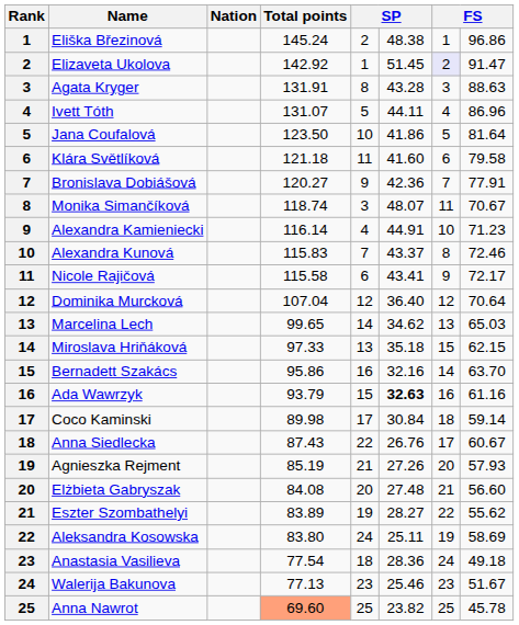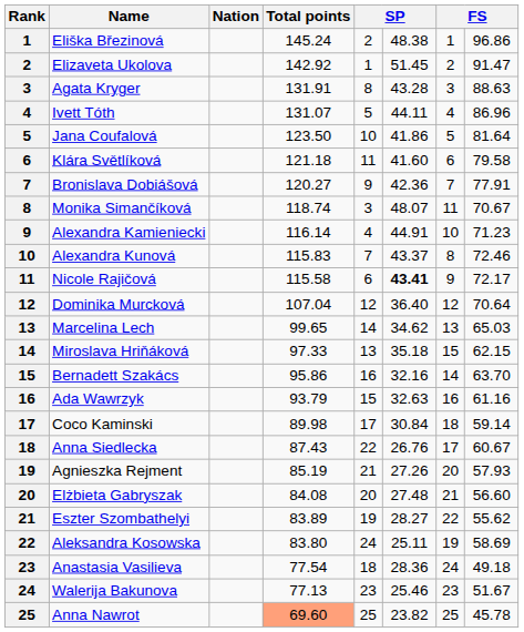 <table class="wikitable sortable">
 <tr>
 <th>Rank</th>
 <th>Name</th>
 <th>Nation</th>
 <th>Total points</th>
 <th colspan=2 width=80px><a href='#'>SP</a></th>
 <th colspan=2 width=80px><a href='#'>FS</a></th>
 </tr>
 <tr>
 <th>1</th>
 <td><a href='#'>Eliška Březinová</a></td>
 <td></td>
 <td align=center>145.24</td>
 <td align=center>2</td>
 <td align=center>48.38</td>
 <td align=center>1</td>
 <td align=center>96.86</td>
 </tr>
 <tr>
 <th>2</th>
 <td><a href='#'>Elizaveta Ukolova</a></td>
 <td></td>
 <td align=center>142.92</td>
 <td align=center>1</td>
 <td align=center>51.45</td>
-<td align=center style="background: lavender;">2</td>
+<td align=center>2</td>
 <td align=center>91.47</td>
 </tr>
 <tr>
 <th>3</th>
 <td><a href='#'>Agata Kryger</a></td>
 <td></td>
 <td align=center>131.91</td>
 <td align=center>8</td>
 <td align=center>43.28</td>
 <td align=center>3</td>
 <td align=center>88.63</td>
 </tr>
 <tr>
 <th>4</th>
 <td><a href='#'>Ivett Tóth</a></td>
 <td></td>
 <td align=center>131.07</td>
 <td align=center>5</td>
 <td align=center>44.11</td>
 <td align=center>4</td>
 <td align=center>86.96</td>
 </tr>
 <tr>
 <th>5</th>
 <td><a href='#'>Jana Coufalová</a></td>
 <td></td>
 <td align=center>123.50</td>
 <td align=center>10</td>
 <td align=center>41.86</td>
 <td align=center>5</td>
 <td align=center>81.64</td>
 </tr>
 <tr>
 <th>6</th>
 <td><a href='#'>Klára Světlíková</a></td>
 <td></td>
 <td align=center>121.18</td>
 <td align=center>11</td>
 <td align=center>41.60</td>
 <td align=center>6</td>
 <td align=center>79.58</td>
 </tr>
 <tr>
 <th>7</th>
 <td><a href='#'>Bronislava Dobiášová</a></td>
 <td></td>
 <td align=center>120.27</td>
 <td align=center>9</td>
 <td align=center>42.36</td>
 <td align=center>7</td>
 <td align=center>77.91</td>
 </tr>
 <tr>
 <th>8</th>
 <td><a href='#'>Monika Simančíková</a></td>
 <td></td>
 <td align=center>118.74</td>
 <td align=center>3</td>
 <td align=center>48.07</td>
 <td align=center>11</td>
 <td align=center>70.67</td>
 </tr>
 <tr>
 <th>9</th>
 <td><a href='#'>Alexandra Kamieniecki</a></td>
 <td></td>
 <td align=center>116.14</td>
 <td align=center>4</td>
 <td align=center>44.91</td>
 <td align=center>10</td>
 <td align=center>71.23</td>
 </tr>
 <tr>
 <th>10</th>
 <td><a href='#'>Alexandra Kunová</a></td>
 <td></td>
 <td align=center>115.83</td>
 <td align=center>7</td>
 <td align=center>43.37</td>
 <td align=center>8</td>
 <td align=center>72.46</td>
 </tr>
 <tr>
 <th>11</th>
 <td><a href='#'>Nicole Rajičová</a></td>
 <td></td>
 <td align=center>115.58</td>
 <td align=center>6</td>
-<td align=center>43.41</td>
+<td align=center><strong>43.41</strong></td>
 <td align=center>9</td>
 <td align=center>72.17</td>
 </tr>
 <tr>
 <th>12</th>
 <td><a href='#'>Dominika Murcková</a></td>
 <td></td>
 <td align=center>107.04</td>
 <td align=center>12</td>
 <td align=center>36.40</td>
 <td align=center>12</td>
 <td align=center>70.64</td>
 </tr>
 <tr>
 <th>13</th>
 <td><a href='#'>Marcelina Lech</a></td>
 <td></td>
 <td align=center>99.65</td>
 <td align=center>14</td>
 <td align=center>34.62</td>
 <td align=center>13</td>
 <td align=center>65.03</td>
 </tr>
 <tr>
 <th>14</th>
 <td><a href='#'>Miroslava Hriňáková</a></td>
 <td></td>
 <td align=center>97.33</td>
 <td align=center>13</td>
 <td align=center>35.18</td>
 <td align=center>15</td>
 <td align=center>62.15</td>
 </tr>
 <tr>
 <th>15</th>
 <td><a href='#'>Bernadett Szakács</a></td>
 <td></td>
 <td align=center>95.86</td>
 <td align=center>16</td>
 <td align=center>32.16</td>
 <td align=center>14</td>
 <td align=center>63.70</td>
 </tr>
 <tr>
 <th>16</th>
 <td><a href='#'>Ada Wawrzyk</a></td>
 <td></td>
 <td align=center>93.79</td>
 <td align=center>15</td>
-<td align=center><strong>32.63</strong></td>
+<td align=center>32.63</td>
 <td align=center>16</td>
 <td align=center>61.16</td>
 </tr>
 <tr>
 <th>17</th>
 <td>Coco Kaminski</td>
 <td></td>
 <td align=center>89.98</td>
 <td align=center>17</td>
 <td align=center>30.84</td>
 <td align=center>18</td>
 <td align=center>59.14</td>
 </tr>
 <tr>
 <th>18</th>
 <td><a href='#'>Anna Siedlecka</a></td>
 <td></td>
 <td align=center>87.43</td>
 <td align=center>22</td>
 <td align=center>26.76</td>
 <td align=center>17</td>
 <td align=center>60.67</td>
 </tr>
 <tr>
 <th>19</th>
 <td>Agnieszka Rejment</td>
 <td></td>
 <td align=center>85.19</td>
 <td align=center>21</td>
 <td align=center>27.26</td>
 <td align=center>20</td>
 <td align=center>57.93</td>
 </tr>
 <tr>
 <th>20</th>
 <td><a href='#'>Elżbieta Gabryszak</a></td>
 <td></td>
 <td align=center>84.08</td>
 <td align=center>20</td>
 <td align=center>27.48</td>
 <td align=center>21</td>
 <td align=center>56.60</td>
 </tr>
 <tr>
 <th>21</th>
 <td><a href='#'>Eszter Szombathelyi</a></td>
 <td></td>
 <td align=center>83.89</td>
 <td align=center>19</td>
 <td align=center>28.27</td>
 <td align=center>22</td>
 <td align=center>55.62</td>
 </tr>
 <tr>
 <th>22</th>
 <td><a href='#'>Aleksandra Kosowska</a></td>
 <td></td>
 <td align=center>83.80</td>
 <td align=center>24</td>
 <td align=center>25.11</td>
 <td align=center>19</td>
 <td align=center>58.69</td>
 </tr>
 <tr>
 <th>23</th>
 <td><a href='#'>Anastasia Vasilieva</a></td>
 <td></td>
 <td align=center>77.54</td>
 <td align=center>18</td>
 <td align=center>28.36</td>
 <td align=center>24</td>
 <td align=center>49.18</td>
 </tr>
 <tr>
 <th>24</th>
 <td><a href='#'>Walerija Bakunova</a></td>
 <td></td>
 <td align=center>77.13</td>
 <td align=center>23</td>
 <td align=center>25.46</td>
 <td align=center>23</td>
 <td align=center>51.67</td>
 </tr>
 <tr>
 <th>25</th>
 <td><a href='#'>Anna Nawrot</a></td>
 <td></td>
 <td align=center style="background: lightsalmon;">69.60</td>
 <td align=center>25</td>
 <td align=center>23.82</td>
 <td align=center>25</td>
 <td align=center>45.78</td>
 </tr>
 </table>
